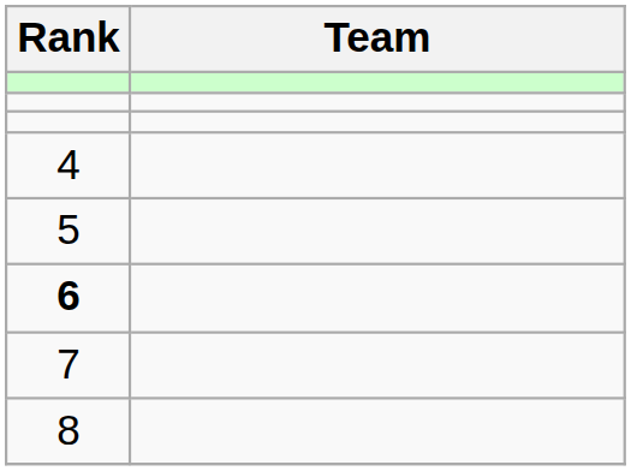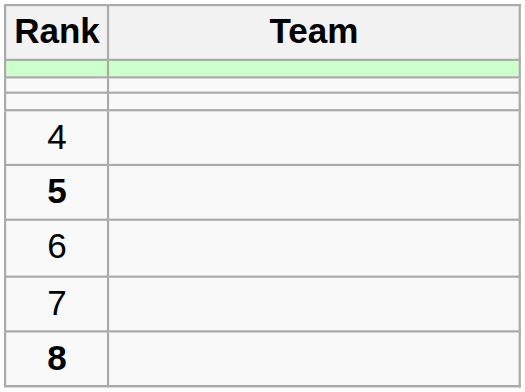 <table class="wikitable" style="text-align: center;">
 <tr>
 <th width=40>Rank</th>
 <th width=180>Team</th>
 </tr>
 <tr align=center bgcolor="#cfc">
 <td></td>
 <td style="text-align:left;"></td>
 </tr>
 <tr align=center>
 <td></td>
 <td style="text-align:left;"></td>
 </tr>
 <tr align=center>
 <td></td>
 <td style="text-align:left;"></td>
 </tr>
 <tr align=center>
 <td>4</td>
 <td style="text-align:left;"></td>
 </tr>
 <tr align=center>
-<td>5</td>
+<td><strong>5</strong></td>
 <td style="text-align:left;"></td>
 </tr>
 <tr align=center>
-<td><strong>6</strong></td>
+<td>6</td>
 <td style="text-align:left;"></td>
 </tr>
 <tr align=center>
 <td>7</td>
 <td style="text-align:left;"></td>
 </tr>
 <tr align=center>
-<td>8</td>
+<td><strong>8</strong></td>
 <td style="text-align:left;"></td>
 </tr>
 <tr align=center>
 </tr>
 </table>
